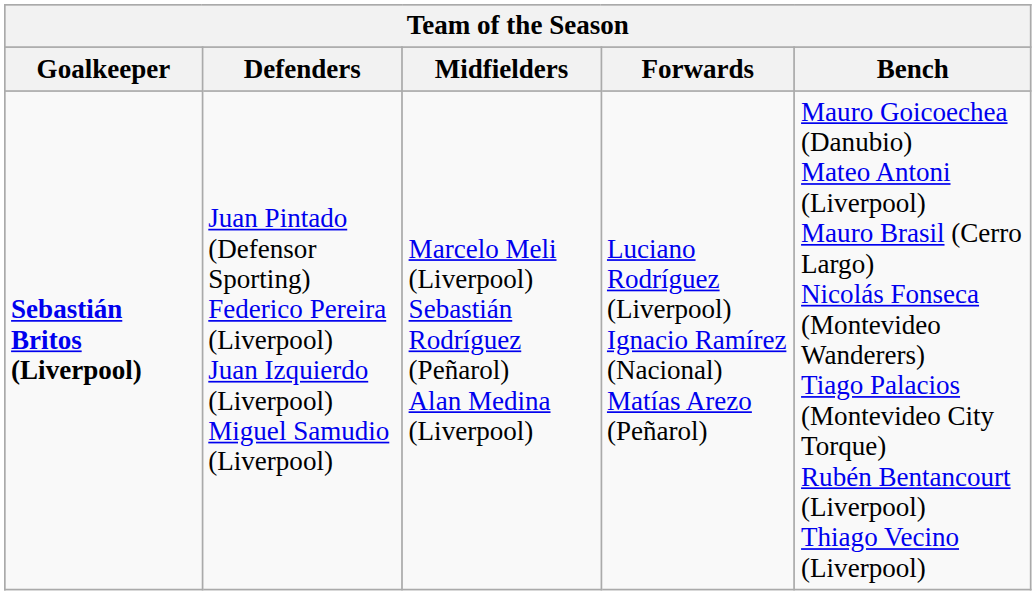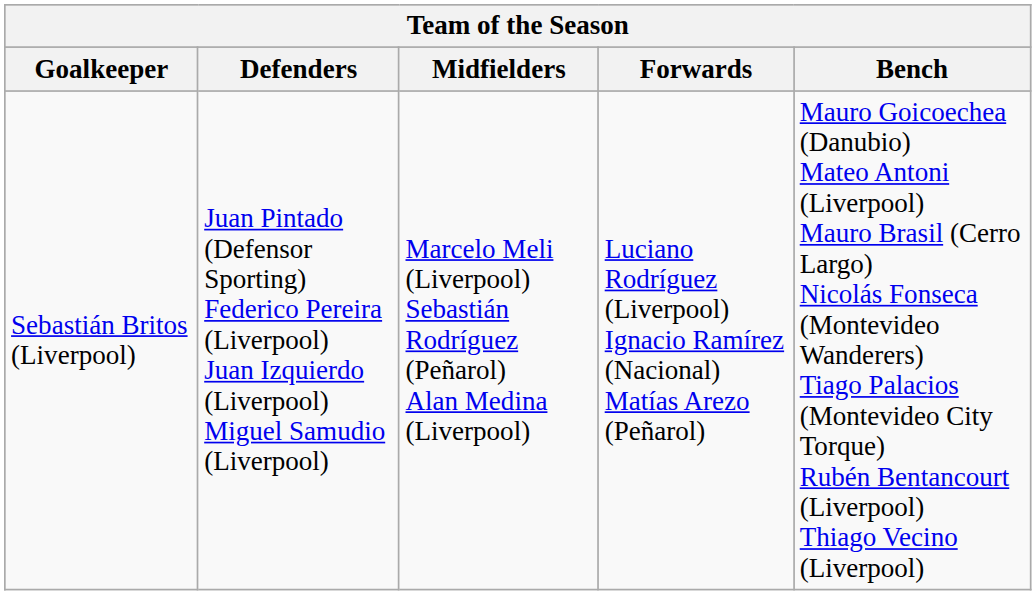 <table class="wikitable">
 <tr>
 <th colspan="13">Team of the Season</th>
 </tr>
 <tr>
 <th>Goalkeeper</th>
 <th>Defenders</th>
 <th>Midfielders</th>
 <th>Forwards</th>
 <th>Bench</th>
 </tr>
 <tr>
-<td><strong> <a href='#'>Sebastián Britos</a> (Liverpool)</strong></td>
+<td> <a href='#'>Sebastián Britos</a> (Liverpool)</td>
 <td> <a href='#'>Juan Pintado</a> (Defensor Sporting)<br> <a href='#'>Federico Pereira</a> (Liverpool)<br> <a href='#'>Juan Izquierdo</a> (Liverpool)<br> <a href='#'>Miguel Samudio</a> (Liverpool)</td>
 <td> <a href='#'>Marcelo Meli</a> (Liverpool)<br> <a href='#'>Sebastián Rodríguez</a> (Peñarol)<br> <a href='#'>Alan Medina</a> (Liverpool)</td>
 <td> <a href='#'>Luciano Rodríguez</a> (Liverpool)<br> <a href='#'>Ignacio Ramírez</a> (Nacional)<br> <a href='#'>Matías Arezo</a> (Peñarol)</td>
 <td> <a href='#'>Mauro Goicoechea</a> (Danubio)<br> <a href='#'>Mateo Antoni</a> (Liverpool)<br> <a href='#'>Mauro Brasil</a> (Cerro Largo)<br> <a href='#'>Nicolás Fonseca</a> (Montevideo Wanderers)<br> <a href='#'>Tiago Palacios</a> (Montevideo City Torque)<br> <a href='#'>Rubén Bentancourt</a> (Liverpool)<br> <a href='#'>Thiago Vecino</a> (Liverpool)</td>
 </tr>
 </table>
